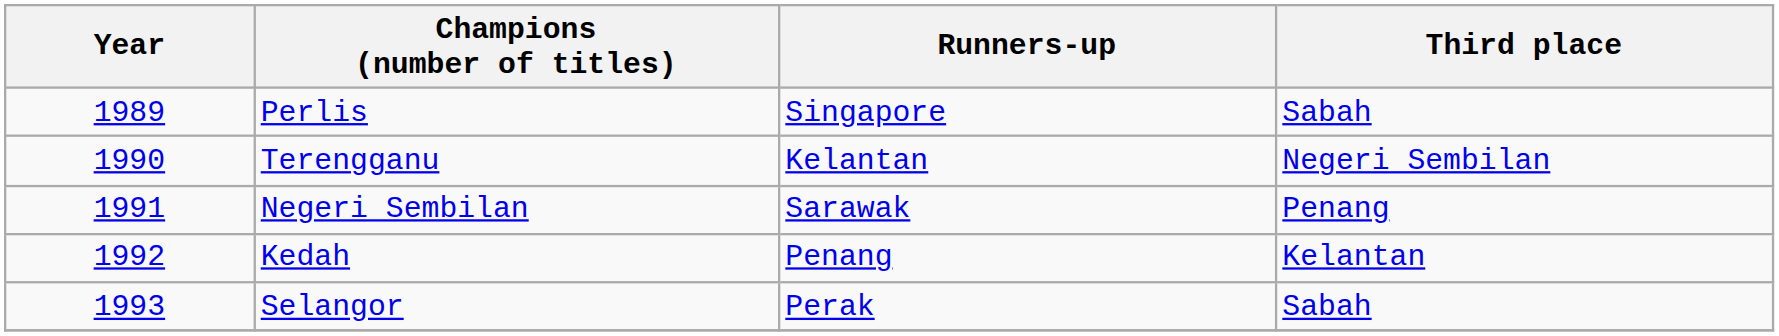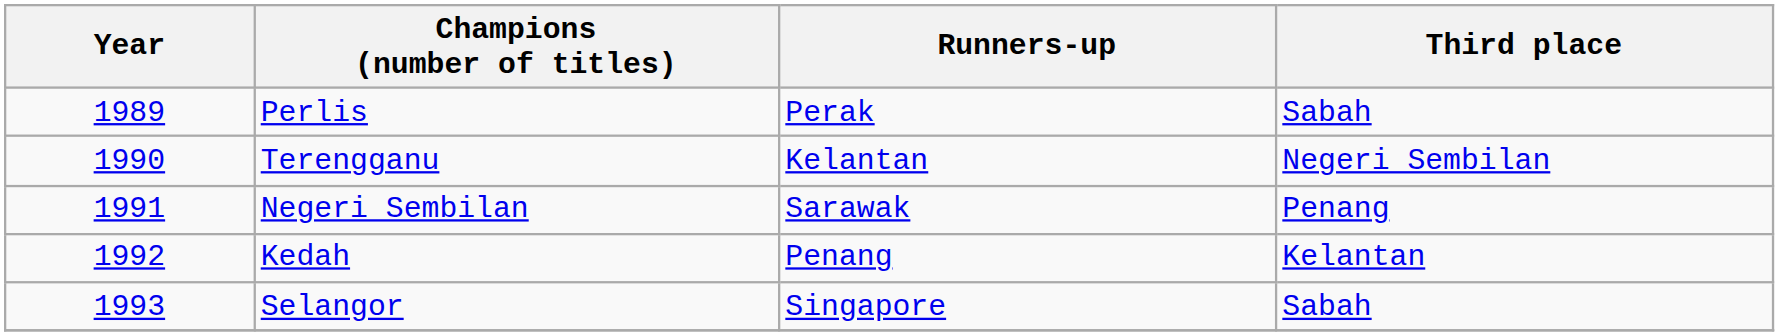 <table class="wikitable">
 <tr>
 <th style="width:9%;">Year</th>
 <th style="width:19%;">Champions<br>(number of titles)</th>
 <th style="width:18%;">Runners-up</th>
 <th style="width:18%;">Third place</th>
 </tr>
 <tr>
 <td align=center><a href='#'>1989</a></td>
 <td><a href='#'>Perlis</a></td>
-<td><a href='#'>Singapore</a></td>
+<td><a href='#'>Perak</a></td>
 <td><a href='#'>Sabah</a></td>
 </tr>
 <tr>
 <td align=center><a href='#'>1990</a></td>
 <td><a href='#'>Terengganu</a></td>
 <td><a href='#'>Kelantan</a></td>
 <td><a href='#'>Negeri Sembilan</a></td>
 </tr>
 <tr>
 <td align=center><a href='#'>1991</a></td>
 <td><a href='#'>Negeri Sembilan</a></td>
 <td><a href='#'>Sarawak</a></td>
 <td><a href='#'>Penang</a></td>
 </tr>
 <tr>
 <td align=center><a href='#'>1992</a></td>
 <td><a href='#'>Kedah</a></td>
 <td><a href='#'>Penang</a></td>
 <td><a href='#'>Kelantan</a></td>
 </tr>
 <tr>
 <td align=center><a href='#'>1993</a></td>
 <td><a href='#'>Selangor</a></td>
-<td><a href='#'>Perak</a></td>
+<td><a href='#'>Singapore</a></td>
 <td><a href='#'>Sabah</a></td>
 </tr>
 <tr>
 </tr>
 </table>
